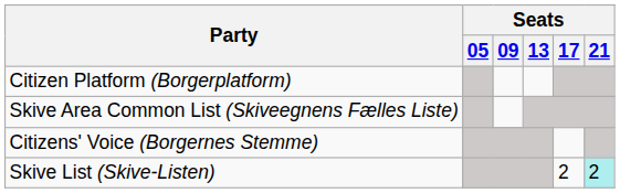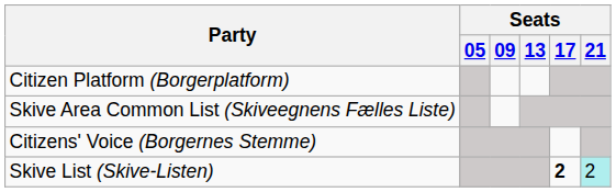 <table class="wikitable">
 <tr>
 <th rowspan=2>Party</th>
 <th colspan=11>Seats</th>
 </tr>
 <tr>
 <th><a href='#'>05</a></th>
 <th><a href='#'>09</a></th>
 <th><a href='#'>13</a></th>
 <th><a href='#'>17</a></th>
 <th><a href='#'>21</a></th>
 </tr>
 <tr>
 <td>Citizen Platform <em>(Borgerplatform)</em></td>
 <td style="background:#CDC9C9;"></td>
 <td></td>
 <td></td>
 <td style="background:#CDC9C9;" colspan=2></td>
 </tr>
 <tr>
 <td>Skive Area Common List <em>(Skiveegnens Fælles Liste)</em></td>
 <td style="background:#CDC9C9;"></td>
 <td></td>
 <td style="background:#CDC9C9;" colspan=3></td>
 </tr>
 <tr>
 <td>Citizens' Voice <em>(Borgernes Stemme)</em></td>
 <td style="background:#CDC9C9;" colspan=3></td>
 <td></td>
 <td style="background:#CDC9C9;"></td>
 </tr>
 <tr>
 <td>Skive List <em>(Skive-Listen)</em></td>
 <td style="background:#CDC9C9;" colspan=3></td>
-<td>2</td>
+<td><strong>2</strong></td>
 <td style="background: paleturquoise;">2</td>
 </tr>
 </table>
